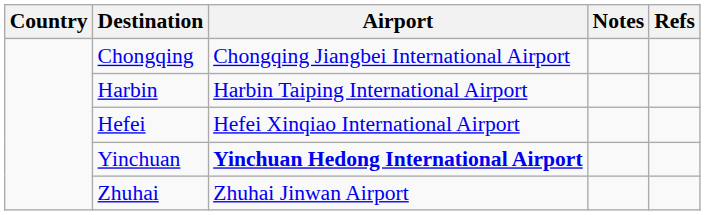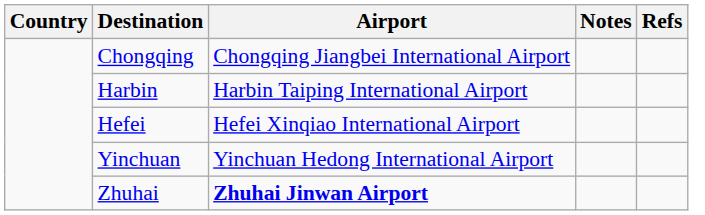 <table class="wikitable sortable">
 <tr>
 <th>Country</th>
 <th>Destination</th>
 <th>Airport</th>
 <th>Notes</th>
 <th>Refs</th>
 </tr>
 <tr>
 <td rowspan=5></td>
 <td><a href='#'>Chongqing</a></td>
 <td><a href='#'>Chongqing Jiangbei International Airport</a></td>
 <td></td>
 <td align=center></td>
 </tr>
 <tr>
 <td><a href='#'>Harbin</a></td>
 <td><a href='#'>Harbin Taiping International Airport</a></td>
 <td></td>
 <td align=center></td>
 </tr>
 <tr>
 <td><a href='#'>Hefei</a></td>
 <td><a href='#'>Hefei Xinqiao International Airport</a></td>
 <td></td>
 <td align=center></td>
 </tr>
 <tr>
 <td><a href='#'>Yinchuan</a></td>
-<td><strong><a href='#'>Yinchuan Hedong International Airport</a></strong></td>
+<td><a href='#'>Yinchuan Hedong International Airport</a></td>
 <td></td>
 <td align=center></td>
 </tr>
 <tr>
 <td><a href='#'>Zhuhai</a></td>
-<td><a href='#'>Zhuhai Jinwan Airport</a></td>
+<td><strong><a href='#'>Zhuhai Jinwan Airport</a></strong></td>
 <td></td>
 <td align=center></td>
 </tr>
 </table>
